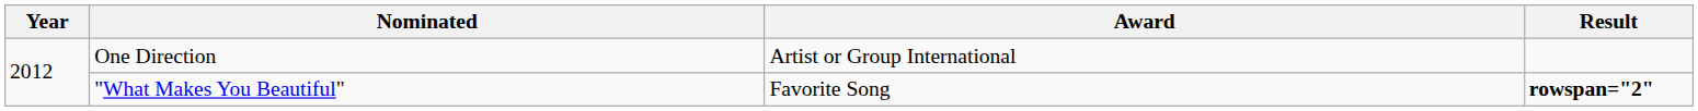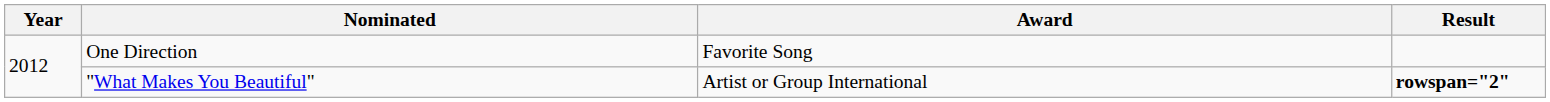 <table class="wikitable" style="width:100%;">
 <tr>
 <th width=5%>Year</th>
 <th style="width:40%;">Nominated</th>
 <th style="width:45%;">Award</th>
 <th style="width:10%;">Result</th>
 </tr>
 <tr>
 <td rowspan="2">2012</td>
 <td>One Direction</td>
-<td>Artist or Group International</td>
+<td>Favorite Song</td>
 <td></td>
 </tr>
 <tr>
 <td>"<a href='#'>What Makes You Beautiful</a>"</td>
-<td>Favorite Song</td>
+<td>Artist or Group International</td>
 <td><strong>rowspan="2" </strong></td>
 </tr>
 </table>
